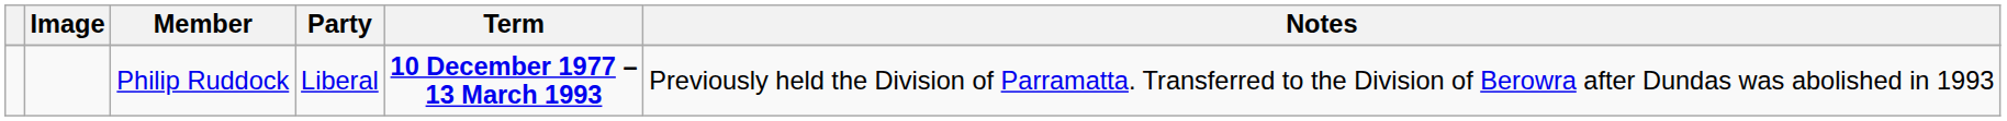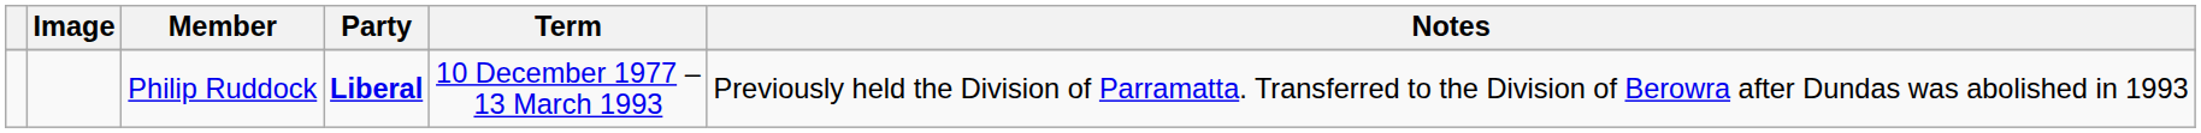 <table class=wikitable style="text-align:center">
 <tr>
 <th></th>
 <th>Image</th>
 <th>Member</th>
 <th>Party</th>
 <th>Term</th>
 <th>Notes</th>
 </tr>
 <tr>
 </tr>
 <tr>
 <td> </td>
 <td></td>
 <td><a href='#'>Philip Ruddock</a><br></td>
-<td><a href='#'>Liberal</a></td>
-<td nowrap><strong><a href='#'>10 December 1977</a> –<br><a href='#'>13 March 1993</a></strong></td>
+<td><strong><a href='#'>Liberal</a></strong></td>
+<td nowrap><a href='#'>10 December 1977</a> –<br><a href='#'>13 March 1993</a></td>
 <td>Previously held the Division of <a href='#'>Parramatta</a>. Transferred to the Division of <a href='#'>Berowra</a> after Dundas was abolished in 1993</td>
 </tr>
 </table>
